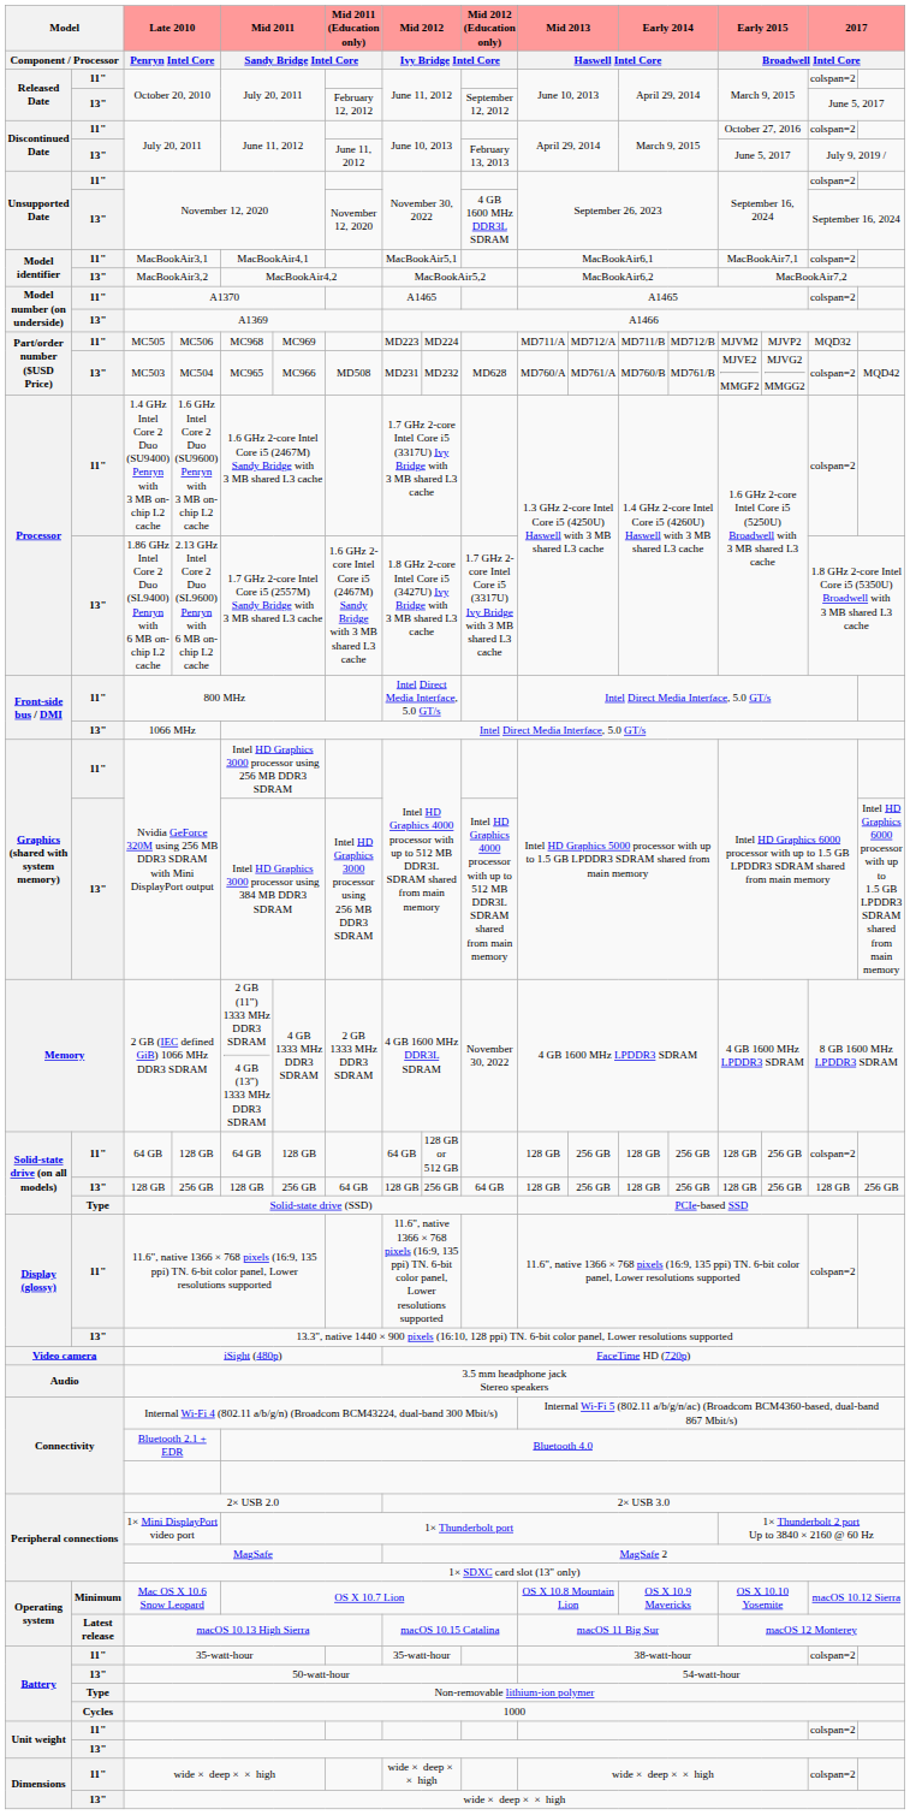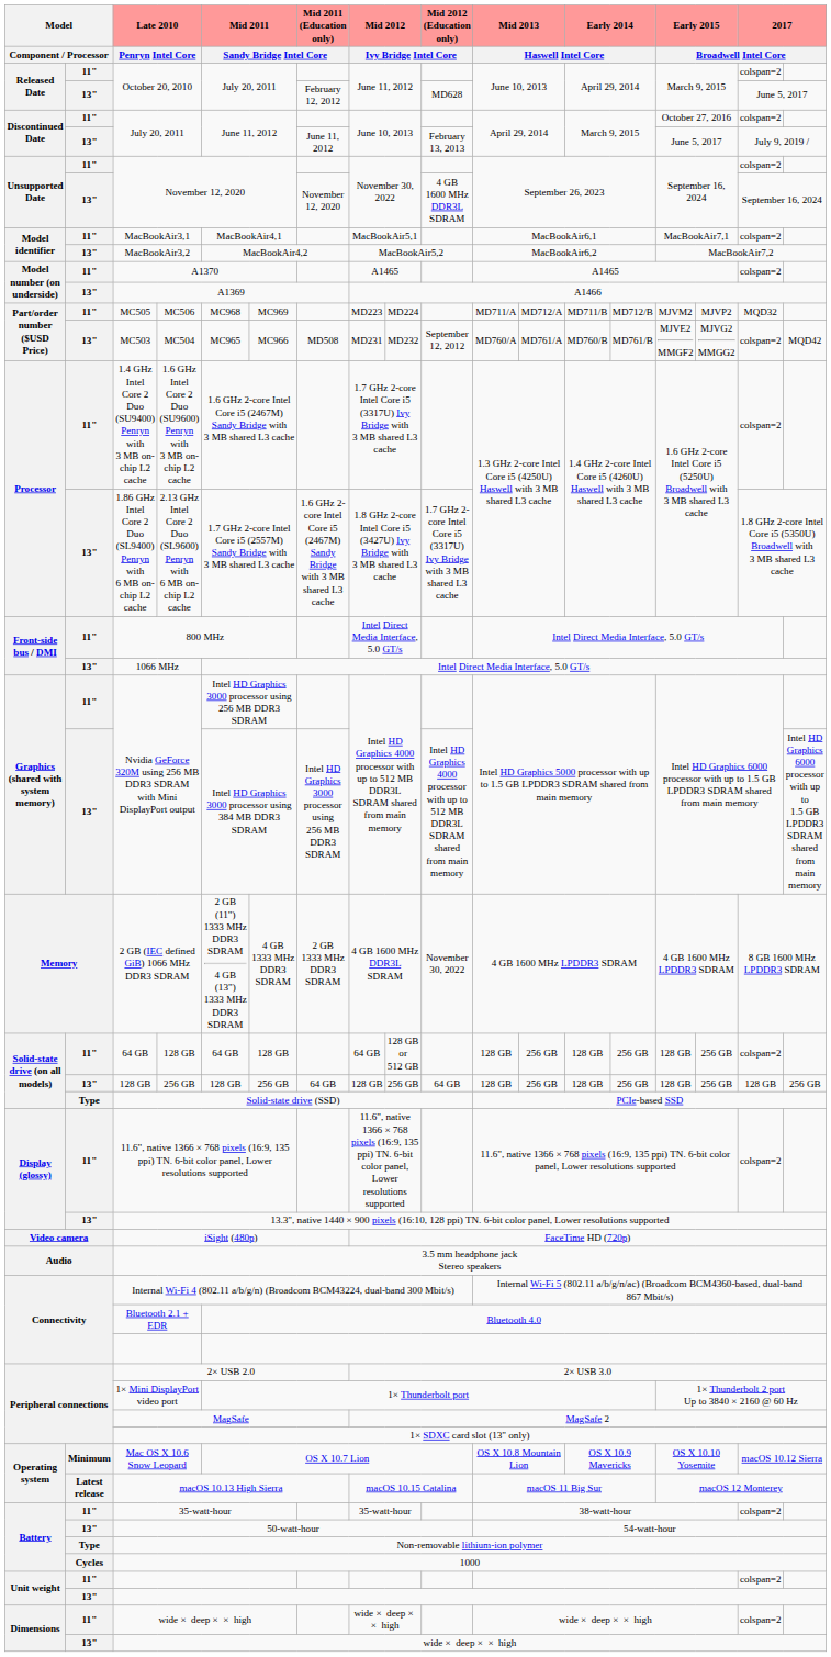 <table class="wikitable mw-collapsible sortable mw-datatable sticky-header-multi sort-under" style="font-size:small; text-align:center">
 <tr>
 <th colspan=2>Model</th>
 <th colspan=2 style="background-color:#FF9999">Late 2010</th>
 <th colspan=2 style="background-color:#FF9999">Mid 2011</th>
 <th style="background-color:#FF9999">Mid 2011 (Education only)</th>
 <th colspan=2 style="background-color:#FF9999">Mid 2012</th>
 <th style="background-color:#FF9999">Mid 2012 (Education only)</th>
 <th colspan=2 style="background-color:#FF9999">Mid 2013</th>
 <th colspan=2 style="background-color:#FF9999">Early 2014</th>
 <th colspan=2 style="background-color:#FF9999">Early 2015</th>
 <th colspan=2 style="background-color:#FF9999">2017</th>
 </tr>
 <tr>
 <th colspan=2>Component / Processor</th>
 <th colspan=2><a href='#'>Penryn</a> <a href='#'>Intel Core</a></th>
 <th colspan=3><a href='#'>Sandy Bridge</a> <a href='#'>Intel Core</a></th>
 <th colspan=3><a href='#'>Ivy Bridge</a> <a href='#'>Intel Core</a></th>
 <th colspan=4><a href='#'>Haswell</a> <a href='#'>Intel Core</a></th>
 <th colspan=4><a href='#'>Broadwell</a> <a href='#'>Intel Core</a></th>
 </tr>
 <tr>
 <th rowspan=2>Released Date</th>
 <th>11"</th>
 <td colspan=2 rowspan=2>October 20, 2010</td>
 <td colspan=2 rowspan=2>July 20, 2011</td>
 <td></td>
 <td colspan=2 rowspan=2>June 11, 2012</td>
 <td></td>
 <td colspan=2 rowspan=2>June 10, 2013</td>
 <td colspan=2 rowspan=2>April 29, 2014</td>
 <td colspan=2 rowspan=2>March 9, 2015</td>
 <td>colspan=2 </td>
 </tr>
 <tr>
 <th>13"</th>
 <td>February 12, 2012</td>
-<td>September 12, 2012</td>
+<td>MD628 </td>
 <td colspan=2>June 5, 2017</td>
 </tr>
 <tr>
 <th rowspan=2>Discontinued Date</th>
 <th>11"</th>
 <td colspan=2 rowspan=2>July 20, 2011</td>
 <td colspan=2 rowspan=2>June 11, 2012</td>
 <td></td>
 <td colspan=2 rowspan=2>June 10, 2013</td>
 <td></td>
 <td colspan=2 rowspan=2>April 29, 2014</td>
 <td colspan=2 rowspan=2>March 9, 2015</td>
 <td colspan=2>October 27, 2016</td>
 <td>colspan=2 </td>
 </tr>
 <tr>
 <th>13"</th>
 <td>June 11, 2012</td>
 <td>February 13, 2013</td>
 <td colspan=2>June 5, 2017</td>
 <td colspan=2>July 9, 2019 / </td>
 </tr>
 <tr>
 <th rowspan=2>Unsupported Date</th>
 <th>11"</th>
 <td colspan=4 rowspan=2>November 12, 2020</td>
 <td></td>
 <td colspan=2 rowspan=2>November 30, 2022</td>
 <td></td>
 <td colspan="4" rowspan="2">September 26, 2023</td>
 <td colspan="2" rowspan="2">September 16, 2024</td>
 <td>colspan=2 </td>
 </tr>
 <tr>
 <th>13"</th>
 <td>November 12, 2020</td>
 <td>4 GB 1600 MHz <a href='#'>DDR3L</a> SDRAM</td>
 <td colspan=2>September 16, 2024</td>
 </tr>
 <tr>
 <th rowspan=2>Model identifier</th>
 <th>11"</th>
 <td colspan=2>MacBookAir3,1</td>
 <td colspan=2>MacBookAir4,1</td>
 <td></td>
 <td colspan=2>MacBookAir5,1</td>
 <td></td>
 <td colspan=4>MacBookAir6,1</td>
 <td colspan=2>MacBookAir7,1</td>
 <td>colspan=2 </td>
 </tr>
 <tr>
 <th>13"</th>
 <td colspan=2>MacBookAir3,2</td>
 <td colspan=3>MacBookAir4,2</td>
 <td colspan=3>MacBookAir5,2</td>
 <td colspan=4>MacBookAir6,2</td>
 <td colspan=4>MacBookAir7,2</td>
 </tr>
 <tr>
 <th rowspan=2>Model number (on underside)</th>
 <th>11"</th>
 <td colspan=4>A1370</td>
 <td></td>
 <td colspan=2>A1465</td>
 <td></td>
 <td colspan=6>A1465</td>
 <td>colspan=2 </td>
 </tr>
 <tr>
 <th>13"</th>
 <td colspan=5>A1369</td>
 <td colspan=11>A1466</td>
 </tr>
 <tr>
 <th rowspan=2>Part/order number ($USD Price)</th>
 <th>11"</th>
 <td>MC505 </td>
 <td>MC506 </td>
 <td>MC968 </td>
 <td>MC969 </td>
 <td></td>
 <td>MD223 </td>
 <td>MD224 </td>
 <td></td>
 <td>MD711/A </td>
 <td>MD712/A </td>
 <td>MD711/B </td>
 <td>MD712/B </td>
 <td>MJVM2 </td>
 <td>MJVP2 </td>
 <td>MQD32 </td>
 </tr>
 <tr>
 <th>13"</th>
 <td>MC503 </td>
 <td>MC504 </td>
 <td>MC965 </td>
 <td>MC966 </td>
 <td>MD508 </td>
 <td>MD231 </td>
 <td>MD232 </td>
-<td>MD628 </td>
+<td>September 12, 2012</td>
 <td>MD760/A </td>
 <td>MD761/A </td>
 <td>MD760/B </td>
 <td>MD761/B </td>
 <td>MJVE2<hr> MMGF2 </td>
 <td>MJVG2<hr> MMGG2 </td>
 <td>colspan=2 </td>
 <td>MQD42 </td>
 </tr>
 <tr>
 <th rowspan=2><a href='#'>Processor</a></th>
 <th>11"</th>
 <td>1.4 GHz Intel Core 2 Duo (SU9400) <a href='#'>Penryn</a> with 3 MB on-chip L2 cache</td>
 <td>1.6 GHz Intel Core 2 Duo (SU9600) <a href='#'>Penryn</a> with 3 MB on-chip L2 cache</td>
 <td colspan=2>1.6 GHz 2-core Intel Core i5 (2467M) <a href='#'>Sandy Bridge</a> with 3 MB shared L3 cache<br><br></td>
 <td></td>
 <td colspan=2>1.7 GHz 2-core Intel Core i5 (3317U) <a href='#'>Ivy Bridge</a> with 3 MB shared L3 cache<br><br></td>
 <td></td>
 <td colspan=2 rowspan=2>1.3 GHz 2-core Intel Core i5 (4250U) <a href='#'>Haswell</a> with 3 MB shared L3 cache<br><br></td>
 <td colspan=2 rowspan=2>1.4 GHz 2-core Intel Core i5 (4260U) <a href='#'>Haswell</a> with 3 MB shared L3 cache<br><br></td>
 <td colspan=2 rowspan=2>1.6 GHz 2-core Intel Core i5 (5250U) <a href='#'>Broadwell</a> with 3 MB shared L3 cache<br><br></td>
 <td>colspan=2 </td>
 </tr>
 <tr>
 <th>13"</th>
 <td>1.86 GHz Intel Core 2 Duo (SL9400) <a href='#'>Penryn</a> with 6 MB on-chip L2 cache</td>
 <td>2.13 GHz Intel Core 2 Duo (SL9600) <a href='#'>Penryn</a> with 6 MB on-chip L2 cache</td>
 <td colspan=2>1.7 GHz 2-core Intel Core i5 (2557M) <a href='#'>Sandy Bridge</a> with 3 MB shared L3 cache<br><br></td>
 <td>1.6 GHz 2-core Intel Core i5 (2467M) <a href='#'>Sandy Bridge</a> with 3 MB shared L3 cache</td>
 <td colspan=2>1.8 GHz 2-core Intel Core i5 (3427U) <a href='#'>Ivy Bridge</a> with 3 MB shared L3 cache<br><br></td>
 <td>1.7 GHz 2-core Intel Core i5 (3317U) <a href='#'>Ivy Bridge</a> with 3 MB shared L3 cache</td>
 <td colspan=2>1.8 GHz 2-core Intel Core i5 (5350U) <a href='#'>Broadwell</a> with 3 MB shared L3 cache<br><br></td>
 </tr>
 <tr>
 <th rowspan=2><a href='#'>Front-side bus</a> / <a href='#'>DMI</a></th>
 <th>11"</th>
 <td colspan=4>800 MHz</td>
 <td></td>
 <td colspan=2><a href='#'>Intel</a> <a href='#'>Direct Media Interface</a>, 5.0 <a href='#'>GT/s</a></td>
 <td></td>
 <td colspan=7><a href='#'>Intel</a> <a href='#'>Direct Media Interface</a>, 5.0 <a href='#'>GT/s</a></td>
 <td></td>
 </tr>
 <tr>
 <th>13"</th>
 <td colspan=2>1066 MHz</td>
 <td colspan=14><a href='#'>Intel</a> <a href='#'>Direct Media Interface</a>, 5.0 <a href='#'>GT/s</a></td>
 </tr>
 <tr>
 <th rowspan=2><a href='#'>Graphics</a><br>(shared with system memory)</th>
 <th>11"</th>
 <td colspan=2 rowspan=2>Nvidia <a href='#'>GeForce 320M</a> using 256 MB DDR3 SDRAM with Mini DisplayPort output</td>
 <td colspan=2>Intel <a href='#'>HD Graphics 3000</a> processor using 256 MB DDR3 SDRAM</td>
 <td></td>
 <td colspan=2 rowspan=2>Intel <a href='#'>HD Graphics 4000</a> processor with up to 512 MB DDR3L SDRAM shared from main memory</td>
 <td></td>
 <td colspan=4 rowspan=2>Intel <a href='#'>HD Graphics 5000</a> processor with up to 1.5 GB LPDDR3 SDRAM shared from main memory</td>
 <td colspan=3 rowspan=2>Intel <a href='#'>HD Graphics 6000</a> processor with up to 1.5 GB LPDDR3 SDRAM shared from main memory</td>
 <td></td>
 </tr>
 <tr>
 <th>13"</th>
 <td colspan=2>Intel <a href='#'>HD Graphics 3000</a> processor using 384 MB DDR3 SDRAM</td>
 <td>Intel <a href='#'>HD Graphics 3000</a> processor using 256 MB DDR3 SDRAM</td>
 <td>Intel <a href='#'>HD Graphics 4000</a> processor with up to 512 MB DDR3L SDRAM shared from main memory</td>
 <td>Intel <a href='#'>HD Graphics 6000</a> processor with up to 1.5 GB LPDDR3 SDRAM shared from main memory</td>
 </tr>
 <tr>
 <th colspan=2><a href='#'>Memory</a></th>
 <td colspan=2>2 GB (<a href='#'>IEC</a> defined <a href='#'>GiB</a>) 1066 MHz DDR3 SDRAM<br></td>
 <td>2 GB (11") 1333 MHz DDR3 SDRAM<br><hr>4 GB (13") 1333 MHz DDR3 SDRAM</td>
 <td>4 GB 1333 MHz DDR3 SDRAM</td>
 <td>2 GB 1333 MHz DDR3 SDRAM</td>
 <td colspan=2>4 GB 1600 MHz <a href='#'>DDR3L</a> SDRAM<br></td>
 <td>November 30, 2022</td>
 <td colspan=4>4 GB 1600 MHz <a href='#'>LPDDR3</a> SDRAM<br></td>
 <td colspan=2>4 GB 1600 MHz <a href='#'>LPDDR3</a> SDRAM<br></td>
 <td colspan=2>8 GB 1600 MHz <a href='#'>LPDDR3</a> SDRAM</td>
 </tr>
 <tr>
 <th rowspan=3><a href='#'>Solid-state drive</a> (on all models)</th>
 <th>11"</th>
 <td>64 GB</td>
 <td>128 GB</td>
 <td>64 GB</td>
 <td>128 GB<br></td>
 <td></td>
 <td>64 GB</td>
 <td>128 GB<br> or 512 GB </td>
 <td></td>
 <td>128 GB</td>
 <td>256 GB<br></td>
 <td>128 GB</td>
 <td>256 GB<br></td>
 <td>128 GB</td>
 <td>256 GB<br></td>
 <td>colspan=2 </td>
 </tr>
 <tr>
 <th>13"</th>
 <td>128 GB</td>
 <td>256 GB</td>
 <td>128 GB</td>
 <td>256 GB</td>
 <td>64 GB</td>
 <td>128 GB</td>
 <td>256 GB<br></td>
 <td>64 GB</td>
 <td>128 GB</td>
 <td>256 GB<br></td>
 <td>128 GB</td>
 <td>256 GB<br></td>
 <td>128 GB</td>
 <td>256 GB<br></td>
 <td>128 GB </td>
 <td>256 GB <br></td>
 </tr>
 <tr>
 <th>Type</th>
 <td colspan=8><a href='#'>Solid-state drive</a> (SSD)</td>
 <td colspan=8><a href='#'>PCIe</a>-based <a href='#'>SSD</a></td>
 </tr>
 <tr>
 <th rowspan=2><a href='#'>Display</a><br><a href='#'>(glossy)</a></th>
 <th>11"</th>
 <td colspan=4>11.6", native 1366 × 768 <a href='#'>pixels</a> (16:9, 135 ppi) TN. 6-bit color panel, Lower resolutions supported</td>
 <td></td>
 <td colspan=2>11.6", native 1366 × 768 <a href='#'>pixels</a> (16:9, 135 ppi) TN. 6-bit color panel, Lower resolutions supported</td>
 <td></td>
 <td colspan=6>11.6", native 1366 × 768 <a href='#'>pixels</a> (16:9, 135 ppi) TN. 6-bit color panel, Lower resolutions supported</td>
 <td>colspan=2 </td>
 </tr>
 <tr>
 <th>13"</th>
 <td colspan=16>13.3", native 1440 × 900 <a href='#'>pixels</a> (16:10, 128 ppi) TN. 6-bit color panel, Lower resolutions supported</td>
 </tr>
 <tr>
 <th colspan=2><a href='#'>Video camera</a></th>
 <td colspan=5><a href='#'>iSight</a> (<a href='#'>480p</a>)</td>
 <td colspan=11><a href='#'>FaceTime</a> HD (<a href='#'>720p</a>)</td>
 </tr>
 <tr>
 <th colspan=2>Audio</th>
 <td colspan=16>3.5 mm headphone jack<br>Stereo speakers</td>
 </tr>
 <tr>
 <th colspan=2 rowspan=3>Connectivity</th>
 <td colspan=8>Internal <a href='#'>Wi-Fi 4</a> (802.11 a/b/g/n) (Broadcom BCM43224, dual-band 300 Mbit/s)</td>
 <td colspan=8>Internal <a href='#'>Wi-Fi 5</a> (802.11 a/b/g/n/ac) (Broadcom BCM4360-based, dual-band 867 Mbit/s)</td>
 </tr>
 <tr>
 <td colspan=2><a href='#'>Bluetooth 2.1 + EDR</a></td>
 <td colspan=14><a href='#'>Bluetooth 4.0</a></td>
 </tr>
 <tr>
 <td colspan=2></td>
 <td colspan=14><br><br></td>
 </tr>
 <tr>
 <th colspan=2 rowspan=4>Peripheral connections</th>
 <td colspan=5>2× USB 2.0</td>
 <td colspan=11>2× USB 3.0</td>
 </tr>
 <tr>
 <td colspan=2>1× <a href='#'>Mini DisplayPort</a> video port</td>
 <td colspan=10>1× <a href='#'>Thunderbolt port</a></td>
 <td colspan=4>1× <a href='#'>Thunderbolt 2 port</a><br>Up to 3840 × 2160 @ 60 Hz</td>
 </tr>
 <tr>
 <td colspan=5><a href='#'>MagSafe</a></td>
 <td colspan=11><a href='#'>MagSafe</a> 2</td>
 </tr>
 <tr>
 <td colspan=16>1× <a href='#'>SDXC</a> card slot (13" only)</td>
 </tr>
 <tr>
 <th rowspan=2>Operating system</th>
 <th>Minimum</th>
 <td colspan=2><a href='#'>Mac OS X 10.6 Snow Leopard</a></td>
 <td colspan=6><a href='#'>OS X 10.7 Lion</a></td>
 <td colspan=2><a href='#'>OS X 10.8 Mountain Lion</a></td>
 <td colspan=2><a href='#'>OS X 10.9 Mavericks</a></td>
 <td colspan=2><a href='#'>OS X 10.10 Yosemite</a></td>
 <td colspan=2><a href='#'>macOS 10.12 Sierra</a></td>
 </tr>
 <tr>
 <th>Latest release</th>
 <td colspan=5><a href='#'>macOS 10.13 High Sierra</a></td>
 <td colspan=3><a href='#'>macOS 10.15 Catalina</a></td>
 <td colspan=4><a href='#'>macOS 11 Big Sur</a></td>
 <td colspan=4><a href='#'>macOS 12 Monterey</a></td>
 </tr>
 <tr>
 <th rowspan=4><a href='#'>Battery</a></th>
 <th>11"</th>
 <td colspan=4>35-watt-hour</td>
 <td></td>
 <td colspan=2>35-watt-hour</td>
 <td></td>
 <td colspan=6>38-watt-hour</td>
 <td>colspan=2 </td>
 </tr>
 <tr>
 <th>13"</th>
 <td colspan=8>50-watt-hour</td>
 <td colspan=8>54-watt-hour</td>
 </tr>
 <tr>
 <th>Type</th>
 <td colspan=16>Non-removable <a href='#'>lithium-ion polymer</a></td>
 </tr>
 <tr>
 <th>Cycles</th>
 <td colspan=16>1000</td>
 </tr>
 <tr>
 <th rowspan=2>Unit weight</th>
 <th>11"</th>
 <td colspan=4></td>
 <td></td>
 <td colspan=2></td>
 <td></td>
 <td colspan=6></td>
 <td>colspan=2 </td>
 </tr>
 <tr>
 <th>13"</th>
 <td colspan=16></td>
 </tr>
 <tr>
 <th rowspan=2>Dimensions</th>
 <th>11"</th>
 <td colspan=4> wide ×  deep ×  ×  high</td>
 <td></td>
 <td colspan=2> wide ×  deep ×  ×  high</td>
 <td></td>
 <td colspan=6> wide ×  deep ×  ×  high</td>
 <td>colspan=2 </td>
 </tr>
 <tr>
 <th>13"</th>
 <td colspan=16> wide ×  deep ×  ×  high</td>
 </tr>
 </table>
